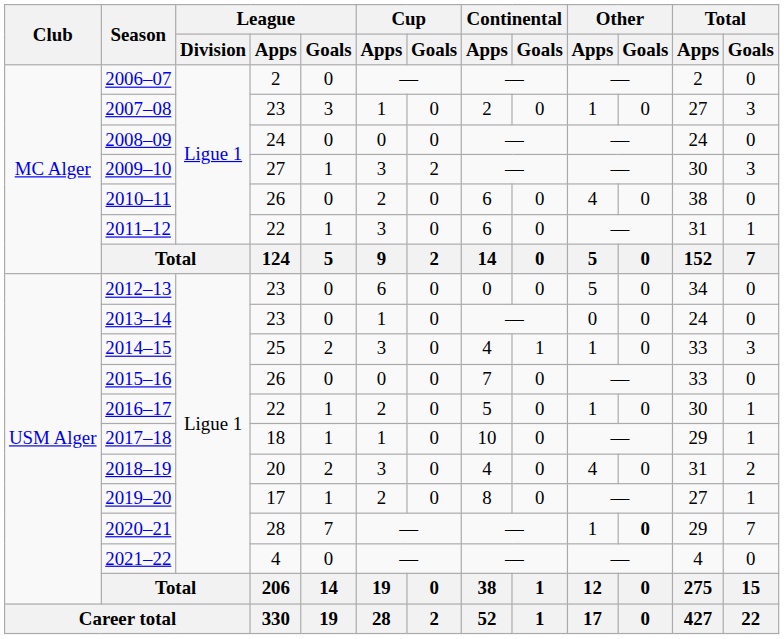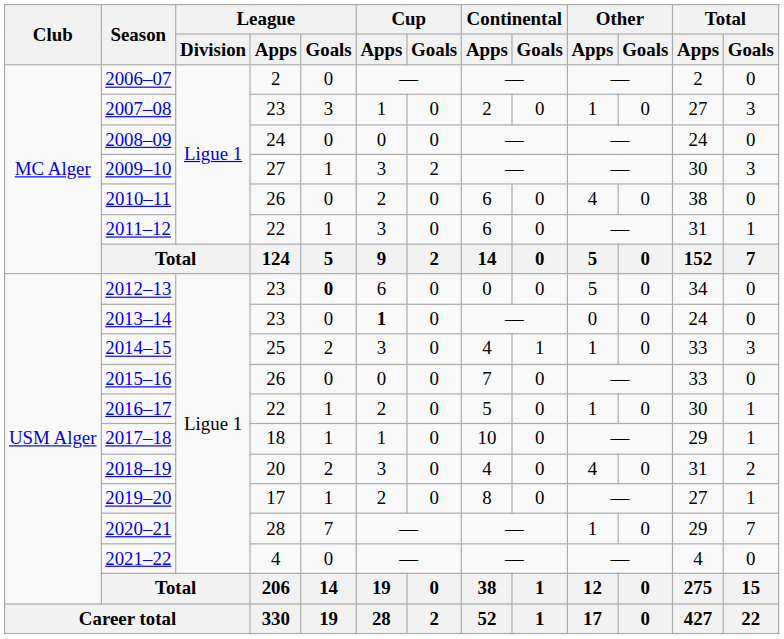 <table class="wikitable" style="text-align: center">
 <tr>
 <th rowspan="2">Club</th>
 <th rowspan="2">Season</th>
 <th colspan="3">League</th>
 <th colspan="2">Cup</th>
 <th colspan="2">Continental</th>
 <th colspan="2">Other</th>
 <th colspan="2">Total</th>
 </tr>
 <tr>
 <th>Division</th>
 <th>Apps</th>
 <th>Goals</th>
 <th>Apps</th>
 <th>Goals</th>
 <th>Apps</th>
 <th>Goals</th>
 <th>Apps</th>
 <th>Goals</th>
 <th>Apps</th>
 <th>Goals</th>
 </tr>
 <tr>
 <td rowspan="7" valign="center"><a href='#'>MC Alger</a></td>
 <td><a href='#'>2006–07</a></td>
 <td rowspan=6><a href='#'>Ligue 1</a></td>
 <td>2</td>
 <td>0</td>
 <td colspan=2>—</td>
 <td colspan=2>—</td>
 <td colspan=2>—</td>
 <td>2</td>
 <td>0</td>
 </tr>
 <tr>
 <td><a href='#'>2007–08</a></td>
 <td>23</td>
 <td>3</td>
 <td>1</td>
 <td>0</td>
 <td>2</td>
 <td>0</td>
 <td>1</td>
 <td>0</td>
 <td>27</td>
 <td>3</td>
 </tr>
 <tr>
 <td><a href='#'>2008–09</a></td>
 <td>24</td>
 <td>0</td>
 <td>0</td>
 <td>0</td>
 <td colspan=2>—</td>
 <td colspan=2>—</td>
 <td>24</td>
 <td>0</td>
 </tr>
 <tr>
 <td><a href='#'>2009–10</a></td>
 <td>27</td>
 <td>1</td>
 <td>3</td>
 <td>2</td>
 <td colspan=2>—</td>
 <td colspan=2>—</td>
 <td>30</td>
 <td>3</td>
 </tr>
 <tr>
 <td><a href='#'>2010–11</a></td>
 <td>26</td>
 <td>0</td>
 <td>2</td>
 <td>0</td>
 <td>6</td>
 <td>0</td>
 <td>4</td>
 <td>0</td>
 <td>38</td>
 <td>0</td>
 </tr>
 <tr>
 <td><a href='#'>2011–12</a></td>
 <td>22</td>
 <td>1</td>
 <td>3</td>
 <td>0</td>
 <td>6</td>
 <td>0</td>
 <td colspan=2>—</td>
 <td>31</td>
 <td>1</td>
 </tr>
 <tr>
 <th colspan="2">Total</th>
 <th>124</th>
 <th>5</th>
 <th>9</th>
 <th>2</th>
 <th>14</th>
 <th>0</th>
 <th>5</th>
 <th>0</th>
 <th>152</th>
 <th>7</th>
 </tr>
 <tr>
 <td rowspan="11" valign="center"><a href='#'>USM Alger</a></td>
 <td><a href='#'>2012–13</a></td>
 <td rowspan=10>Ligue 1</td>
 <td>23</td>
-<td>0</td>
+<td><strong>0</strong></td>
 <td>6</td>
 <td>0</td>
 <td>0</td>
 <td>0</td>
 <td>5</td>
 <td>0</td>
 <td>34</td>
 <td>0</td>
 </tr>
 <tr>
 <td><a href='#'>2013–14</a></td>
 <td>23</td>
 <td>0</td>
-<td>1</td>
+<td><strong>1</strong></td>
 <td>0</td>
 <td colspan=2>—</td>
 <td>0</td>
 <td>0</td>
 <td>24</td>
 <td>0</td>
 </tr>
 <tr>
 <td><a href='#'>2014–15</a></td>
 <td>25</td>
 <td>2</td>
 <td>3</td>
 <td>0</td>
 <td>4</td>
 <td>1</td>
 <td>1</td>
 <td>0</td>
 <td>33</td>
 <td>3</td>
 </tr>
 <tr>
 <td><a href='#'>2015–16</a></td>
 <td>26</td>
 <td>0</td>
 <td>0</td>
 <td>0</td>
 <td>7</td>
 <td>0</td>
 <td colspan=2>—</td>
 <td>33</td>
 <td>0</td>
 </tr>
 <tr>
 <td><a href='#'>2016–17</a></td>
 <td>22</td>
 <td>1</td>
 <td>2</td>
 <td>0</td>
 <td>5</td>
 <td>0</td>
 <td>1</td>
 <td>0</td>
 <td>30</td>
 <td>1</td>
 </tr>
 <tr>
 <td><a href='#'>2017–18</a></td>
 <td>18</td>
 <td>1</td>
 <td>1</td>
 <td>0</td>
 <td>10</td>
 <td>0</td>
 <td colspan=2>—</td>
 <td>29</td>
 <td>1</td>
 </tr>
 <tr>
 <td><a href='#'>2018–19</a></td>
 <td>20</td>
 <td>2</td>
 <td>3</td>
 <td>0</td>
 <td>4</td>
 <td>0</td>
 <td>4</td>
 <td>0</td>
 <td>31</td>
 <td>2</td>
 </tr>
 <tr>
 <td><a href='#'>2019–20</a></td>
 <td>17</td>
 <td>1</td>
 <td>2</td>
 <td>0</td>
 <td>8</td>
 <td>0</td>
 <td colspan=2>—</td>
 <td>27</td>
 <td>1</td>
 </tr>
 <tr>
 <td><a href='#'>2020–21</a></td>
 <td>28</td>
 <td>7</td>
 <td colspan=2>—</td>
 <td colspan=2>—</td>
 <td>1</td>
-<td><strong>0</strong></td>
+<td>0</td>
 <td>29</td>
 <td>7</td>
 </tr>
 <tr>
 <td><a href='#'>2021–22</a></td>
 <td>4</td>
 <td>0</td>
 <td colspan=2>—</td>
 <td colspan=2>—</td>
 <td colspan=2>—</td>
 <td>4</td>
 <td>0</td>
 </tr>
 <tr>
 <th colspan="2">Total</th>
 <th>206</th>
 <th>14</th>
 <th>19</th>
 <th>0</th>
 <th>38</th>
 <th>1</th>
 <th>12</th>
 <th>0</th>
 <th>275</th>
 <th>15</th>
 </tr>
 <tr>
 <th colspan="3">Career total</th>
 <th>330</th>
 <th>19</th>
 <th>28</th>
 <th>2</th>
 <th>52</th>
 <th>1</th>
 <th>17</th>
 <th>0</th>
 <th>427</th>
 <th>22</th>
 </tr>
 </table>
